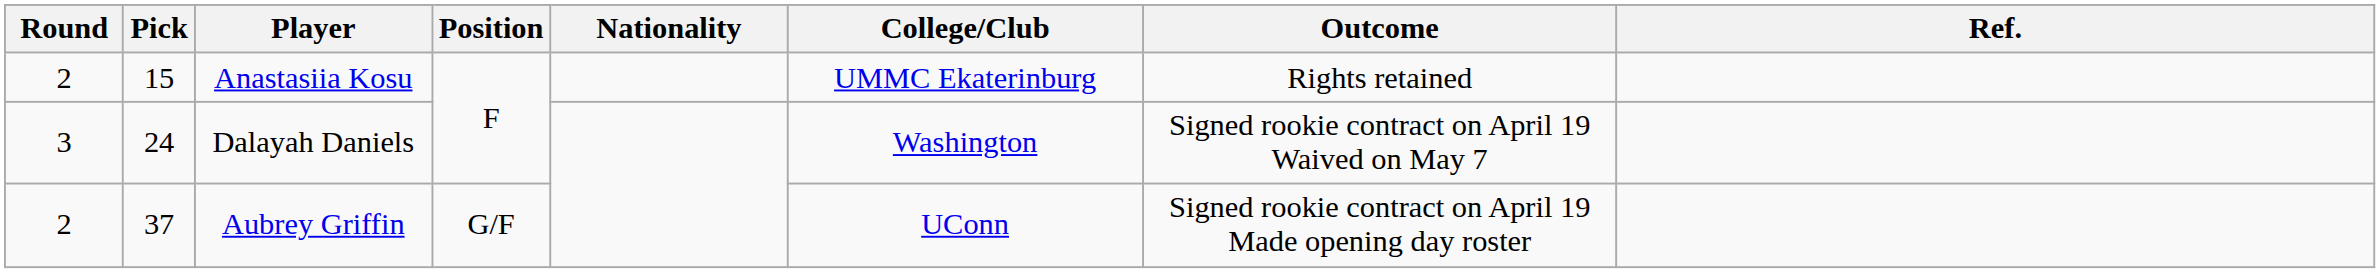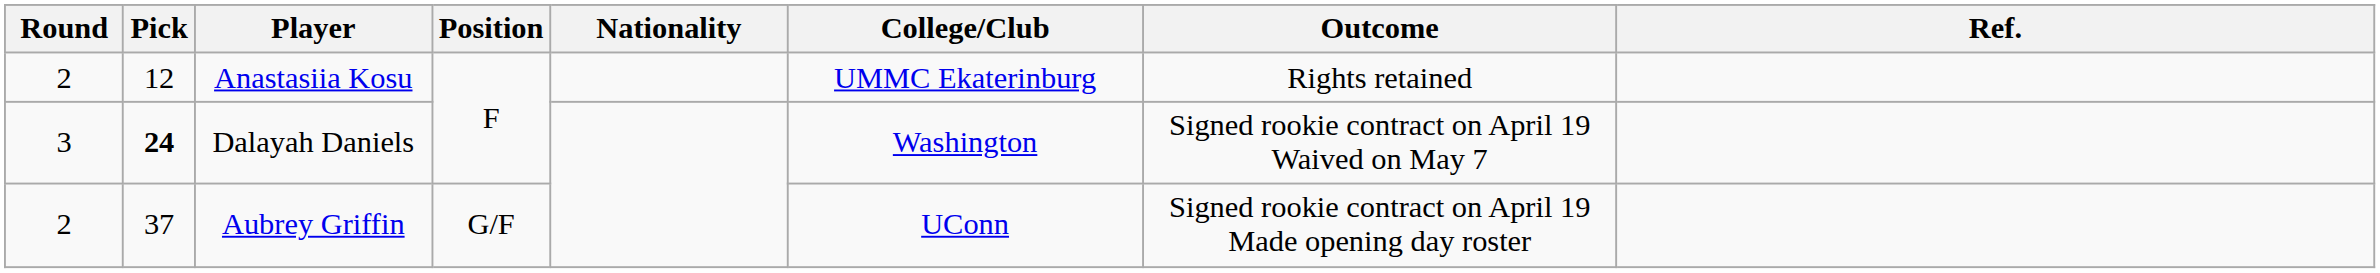 <table class="wikitable sortable sortable" style="text-align: center">
 <tr>
 <th width="5%">Round</th>
 <th width="3%">Pick</th>
 <th width="10%">Player</th>
 <th width="5%">Position</th>
 <th width="10%">Nationality</th>
 <th width="15%">College/Club</th>
 <th width="20%">Outcome</th>
 <th>Ref.</th>
 </tr>
 <tr>
 <td>2</td>
-<td>15</td>
+<td>12</td>
 <td><a href='#'>Anastasiia Kosu</a></td>
 <td rowspan=2>F</td>
 <td></td>
 <td><a href='#'>UMMC Ekaterinburg</a></td>
 <td>Rights retained</td>
 <td></td>
 </tr>
 <tr>
 <td>3</td>
-<td>24</td>
+<td><strong>24</strong></td>
 <td>Dalayah Daniels</td>
 <td rowspan=2></td>
 <td><a href='#'>Washington</a></td>
 <td>Signed rookie contract on April 19<br>Waived on May 7</td>
 <td></td>
 </tr>
 <tr>
 <td>2</td>
 <td>37</td>
 <td><a href='#'>Aubrey Griffin</a></td>
 <td>G/F</td>
 <td><a href='#'>UConn</a></td>
 <td>Signed rookie contract on April 19<br>Made opening day roster</td>
 <td></td>
 </tr>
 </table>
